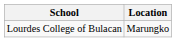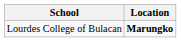 <table class="wikitable" style="text-align:center;">
 <tr>
 <th>School</th>
 <th>Location</th>
 </tr>
 <tr>
 <td>Lourdes College of Bulacan</td>
-<td>Marungko</td>
+<td><strong>Marungko</strong></td>
 </tr>
 </table>
